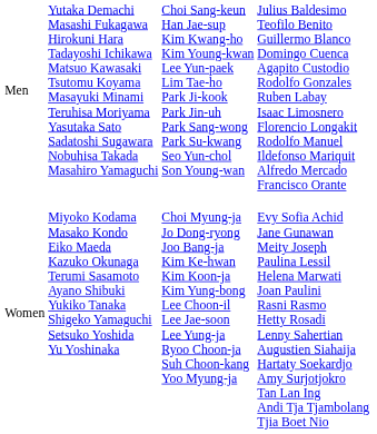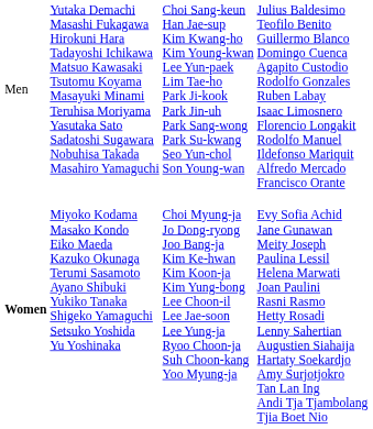 <table>
 <tr>
 <td>Men<br></td>
 <td valign=top><br><a href='#'>Yutaka Demachi</a><br><a href='#'>Masashi Fukagawa</a><br><a href='#'>Hirokuni Hara</a><br><a href='#'>Tadayoshi Ichikawa</a><br><a href='#'>Matsuo Kawasaki</a><br><a href='#'>Tsutomu Koyama</a><br><a href='#'>Masayuki Minami</a><br><a href='#'>Teruhisa Moriyama</a><br><a href='#'>Yasutaka Sato</a><br><a href='#'>Sadatoshi Sugawara</a><br><a href='#'>Nobuhisa Takada</a><br><a href='#'>Masahiro Yamaguchi</a></td>
 <td valign=top><br><a href='#'>Choi Sang-keun</a><br><a href='#'>Han Jae-sup</a><br><a href='#'>Kim Kwang-ho</a><br><a href='#'>Kim Young-kwan</a><br><a href='#'>Lee Yun-paek</a><br><a href='#'>Lim Tae-ho</a><br><a href='#'>Park Ji-kook</a><br><a href='#'>Park Jin-uh</a><br><a href='#'>Park Sang-wong</a><br><a href='#'>Park Su-kwang</a><br><a href='#'>Seo Yun-chol</a><br><a href='#'>Son Young-wan</a></td>
 <td><br><a href='#'>Julius Baldesimo</a><br><a href='#'>Teofilo Benito</a><br><a href='#'>Guillermo Blanco</a><br><a href='#'>Domingo Cuenca</a><br><a href='#'>Agapito Custodio</a><br><a href='#'>Rodolfo Gonzales</a><br><a href='#'>Ruben Labay</a><br><a href='#'>Isaac Limosnero</a><br><a href='#'>Florencio Longakit</a><br><a href='#'>Rodolfo Manuel</a><br><a href='#'>Ildefonso Mariquit</a><br><a href='#'>Alfredo Mercado</a><br><a href='#'>Francisco Orante</a></td>
 </tr>
 <tr>
-<td>Women<br></td>
+<td><strong>Women<br></strong></td>
 <td valign=top><br><a href='#'>Miyoko Kodama</a><br><a href='#'>Masako Kondo</a><br><a href='#'>Eiko Maeda</a><br><a href='#'>Kazuko Okunaga</a><br><a href='#'>Terumi Sasamoto</a><br><a href='#'>Ayano Shibuki</a><br><a href='#'>Yukiko Tanaka</a><br><a href='#'>Shigeko Yamaguchi</a><br><a href='#'>Setsuko Yoshida</a><br><a href='#'>Yu Yoshinaka</a></td>
 <td valign=top><br><a href='#'>Choi Myung-ja</a><br><a href='#'>Jo Dong-ryong</a><br><a href='#'>Joo Bang-ja</a><br><a href='#'>Kim Ke-hwan</a><br><a href='#'>Kim Koon-ja</a><br><a href='#'>Kim Yung-bong</a><br><a href='#'>Lee Choon-il</a><br><a href='#'>Lee Jae-soon</a><br><a href='#'>Lee Yung-ja</a><br><a href='#'>Ryoo Choon-ja</a><br><a href='#'>Suh Choon-kang</a><br><a href='#'>Yoo Myung-ja</a></td>
 <td><br><a href='#'>Evy Sofia Achid</a><br><a href='#'>Jane Gunawan</a><br><a href='#'>Meity Joseph</a><br><a href='#'>Paulina Lessil</a><br><a href='#'>Helena Marwati</a><br><a href='#'>Joan Paulini</a><br><a href='#'>Rasni Rasmo</a><br><a href='#'>Hetty Rosadi</a><br><a href='#'>Lenny Sahertian</a><br><a href='#'>Augustien Siahaija</a><br><a href='#'>Hartaty Soekardjo</a><br><a href='#'>Amy Surjotjokro</a><br><a href='#'>Tan Lan Ing</a><br><a href='#'>Andi Tja Tjambolang</a><br><a href='#'>Tjia Boet Nio</a></td>
 </tr>
 </table>
